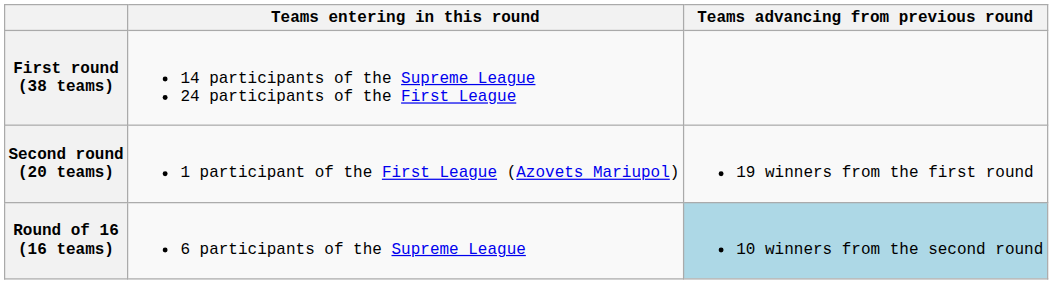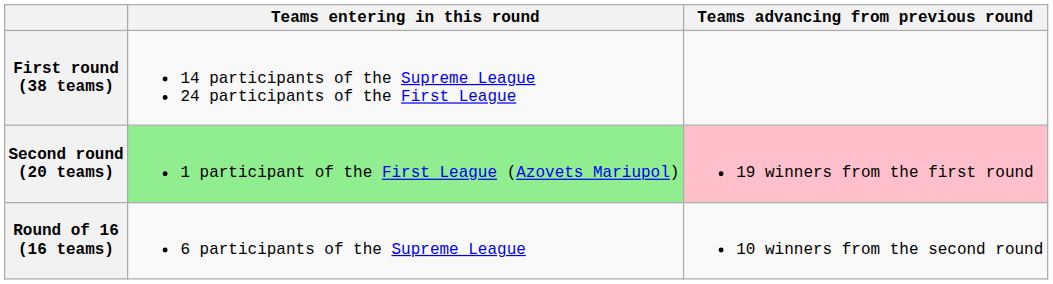 <table class="wikitable">
 <tr>
 <th colspan=2></th>
 <th>Teams entering in this round</th>
 <th>Teams advancing from previous round</th>
 </tr>
 <tr>
 <th colspan=2>First round<br> (38 teams)</th>
 <td><br><ul><li>14 participants of the <a href='#'>Supreme League</a></li><li>24 participants of the <a href='#'>First League</a></li></ul></td>
 <td></td>
 </tr>
 <tr>
 <th colspan=2>Second round<br> (20 teams)</th>
-<td><br><ul><li>1 participant of the <a href='#'>First League</a> (<a href='#'>Azovets Mariupol</a>)</li></ul></td>
-<td><br><ul><li>19 winners from the first round</li></ul></td>
+<td style="background: lightgreen;"><br><ul><li>1 participant of the <a href='#'>First League</a> (<a href='#'>Azovets Mariupol</a>)</li></ul></td>
+<td style="background: pink;"><br><ul><li>19 winners from the first round</li></ul></td>
 </tr>
 <tr>
 <th colspan=2>Round of 16<br> (16 teams)</th>
 <td><br><ul><li>6 participants of the <a href='#'>Supreme League</a></li></ul></td>
-<td style="background: lightblue;"><br><ul><li>10 winners from the second round</li></ul></td>
+<td><br><ul><li>10 winners from the second round</li></ul></td>
 </tr>
 </table>
